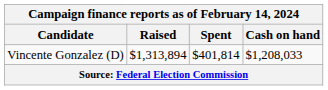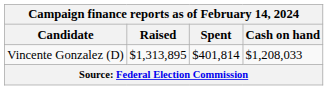 <table class="wikitable sortable">
 <tr>
 <th colspan=4>Campaign finance reports as of February 14, 2024</th>
 </tr>
 <tr style="text-align:center;">
 <th>Candidate</th>
 <th>Raised</th>
 <th>Spent</th>
 <th>Cash on hand</th>
 </tr>
 <tr>
 <td style="color:black;background-color:">Vincente Gonzalez (D)</td>
-<td>$1,313,894</td>
+<td>$1,313,895</td>
 <td>$401,814</td>
 <td>$1,208,033</td>
 </tr>
 <tr>
 <th colspan="4"><small>Source: <a href='#'>Federal Election Commission</a></small></th>
 </tr>
 </table>
